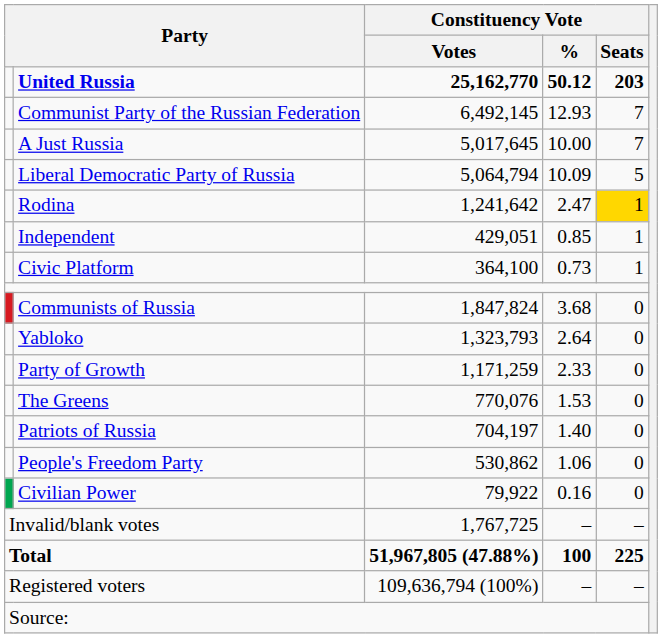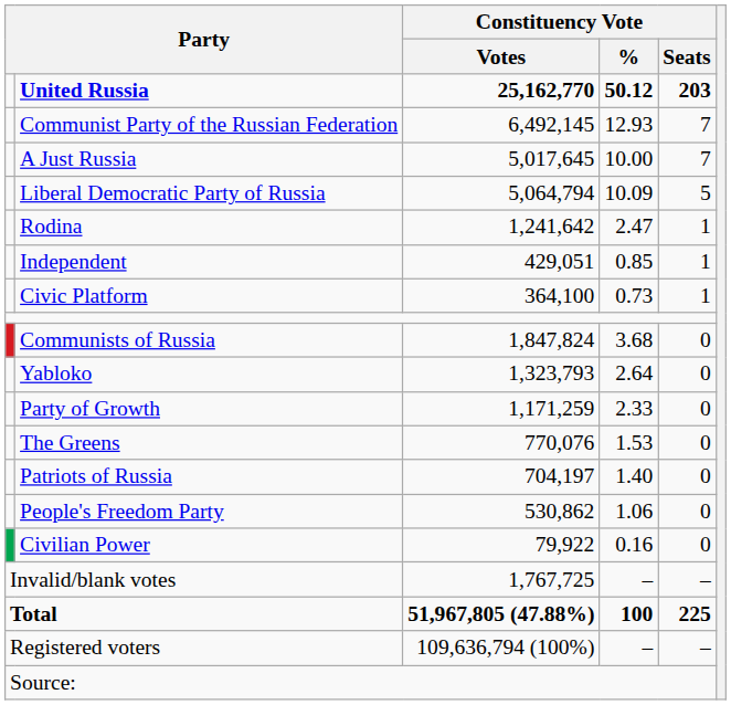 <table class="wikitable" style="text-align:right; margin-bottom:0;">
 <tr>
 <th colspan="2" rowspan="2">Party</th>
 <th colspan="3">Constituency Vote</th>
 <th rowspan="21"></th>
 </tr>
 <tr>
 <th>Votes</th>
 <th>%</th>
 <th>Seats</th>
 </tr>
 <tr>
 <td></td>
 <td align="left"><strong><a href='#'>United Russia</a></strong></td>
 <td><strong>25,162,770</strong></td>
 <td><strong>50.12</strong></td>
 <td><strong>203</strong></td>
 </tr>
 <tr>
 <td></td>
 <td align="left"><a href='#'>Communist Party of the Russian Federation</a></td>
 <td>6,492,145</td>
 <td>12.93</td>
 <td>7</td>
 </tr>
 <tr>
 <td></td>
 <td align="left"><a href='#'>A Just Russia</a></td>
 <td>5,017,645</td>
 <td>10.00</td>
 <td>7</td>
 </tr>
 <tr>
 <td></td>
 <td align="left"><a href='#'>Liberal Democratic Party of Russia</a></td>
 <td>5,064,794</td>
 <td>10.09</td>
 <td>5</td>
 </tr>
 <tr>
 <td></td>
 <td align="left"><a href='#'>Rodina</a></td>
 <td>1,241,642</td>
 <td>2.47</td>
-<td style="background: gold;">1</td>
+<td>1</td>
 </tr>
 <tr>
 <td></td>
 <td align="left"><a href='#'>Independent</a></td>
 <td>429,051</td>
 <td>0.85</td>
 <td>1</td>
 </tr>
 <tr>
 <td></td>
 <td align="left"><a href='#'>Civic Platform</a></td>
 <td>364,100</td>
 <td>0.73</td>
 <td>1</td>
 </tr>
 <tr>
 <td colspan="5"></td>
 </tr>
 <tr>
 <td style="background:#D71A21;"></td>
 <td align="left"><a href='#'>Communists of Russia</a></td>
 <td>1,847,824</td>
 <td>3.68</td>
 <td>0</td>
 </tr>
 <tr>
 <td></td>
 <td align="left"><a href='#'>Yabloko</a></td>
 <td>1,323,793</td>
 <td>2.64</td>
 <td>0</td>
 </tr>
 <tr>
 <td></td>
 <td align="left"><a href='#'>Party of Growth</a></td>
 <td>1,171,259</td>
 <td>2.33</td>
 <td>0</td>
 </tr>
 <tr>
 <td style="background-color:"></td>
 <td align="left"><a href='#'>The Greens</a></td>
 <td>770,076</td>
 <td>1.53</td>
 <td>0</td>
 </tr>
 <tr>
 <td></td>
 <td align="left"><a href='#'>Patriots of Russia</a></td>
 <td>704,197</td>
 <td>1.40</td>
 <td>0</td>
 </tr>
 <tr>
 <td></td>
 <td align="left"><a href='#'>People's Freedom Party</a></td>
 <td>530,862</td>
 <td>1.06</td>
 <td>0</td>
 </tr>
 <tr>
 <td style="background:#00A650;"></td>
 <td align="left"><a href='#'>Civilian Power</a></td>
 <td>79,922</td>
 <td>0.16</td>
 <td>0</td>
 </tr>
 <tr>
 <td colspan="2" align="left">Invalid/blank votes</td>
 <td>1,767,725</td>
 <td>–</td>
 <td>–</td>
 </tr>
 <tr style="font-weight:bold;">
 <td colspan="2" align="left">Total</td>
 <td>51,967,805 (47.88%)</td>
 <td>100</td>
 <td>225</td>
 </tr>
 <tr>
 <td colspan="2" align="left">Registered voters</td>
 <td>109,636,794 (100%)</td>
 <td>–</td>
 <td>–</td>
 </tr>
 <tr class="sortbottom">
 <td colspan="5" align="left">Source: </td>
 </tr>
 </table>
